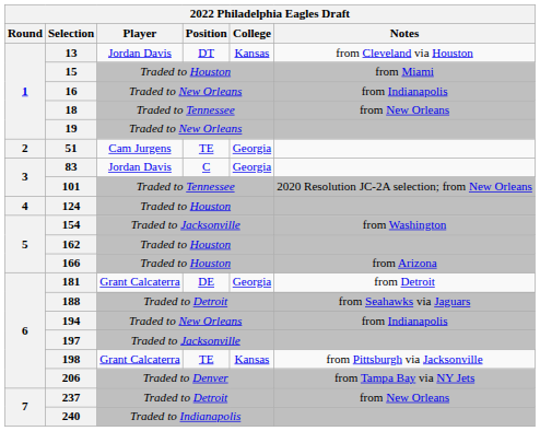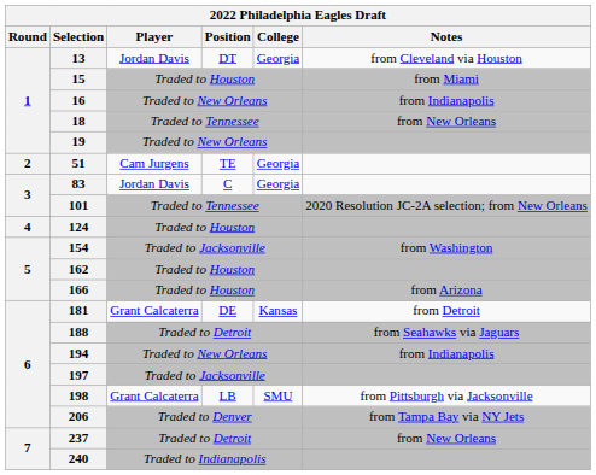 <table class="wikitable" style="text-align:center">
 <tr>
 <th colspan=6>2022 Philadelphia Eagles Draft</th>
 </tr>
 <tr>
 <th>Round</th>
 <th>Selection</th>
 <th>Player</th>
 <th>Position</th>
 <th>College</th>
 <th>Notes</th>
 </tr>
 <tr>
 <th rowspan="5"><a href='#'>1</a></th>
 <th>13</th>
 <td><a href='#'>Jordan Davis</a></td>
 <td><a href='#'>DT</a></td>
-<td><a href='#'>Kansas</a></td>
+<td><a href='#'>Georgia</a></td>
 <td>from <a href='#'>Cleveland</a> via <a href='#'>Houston</a></td>
 </tr>
 <tr>
 <th>15</th>
 <td colspan="3" style="background:#BFBFBF"><em>Traded to <a href='#'>Houston</a></em></td>
 <td style="background:#BFBFBF">from <a href='#'>Miami</a></td>
 </tr>
 <tr>
 <th>16</th>
 <td colspan="3" style="background:#BFBFBF"><em>Traded to <a href='#'>New Orleans</a></em></td>
 <td style="background:#BFBFBF">from <a href='#'>Indianapolis</a></td>
 </tr>
 <tr>
 <th>18</th>
 <td colspan="3" style="background:#BFBFBF"><em>Traded to <a href='#'>Tennessee</a></em></td>
 <td style="background:#BFBFBF">from <a href='#'>New Orleans</a></td>
 </tr>
 <tr>
 <th>19</th>
 <td colspan="3" style="background:#BFBFBF"><em>Traded to <a href='#'>New Orleans</a></em></td>
 <td style="background:#BFBFBF"></td>
 </tr>
 <tr>
 <th>2</th>
 <th>51</th>
 <td><a href='#'>Cam Jurgens</a></td>
 <td><a href='#'>TE</a></td>
 <td><a href='#'>Georgia</a></td>
 <td></td>
 </tr>
 <tr>
 <th rowspan="2">3</th>
 <th>83</th>
 <td><a href='#'>Jordan Davis</a></td>
 <td><a href='#'>C</a></td>
 <td><a href='#'>Georgia</a></td>
 <td></td>
 </tr>
 <tr>
 <th>101</th>
 <td colspan="3" style="background:#BFBFBF"><em>Traded to <a href='#'>Tennessee</a></em></td>
 <td style="background:#BFBFBF">2020 Resolution JC-2A selection; from <a href='#'>New Orleans</a></td>
 </tr>
 <tr>
 <th>4</th>
 <th>124</th>
 <td colspan="3" style="background:#BFBFBF"><em>Traded to <a href='#'>Houston</a></em></td>
 <td style="background:#BFBFBF"></td>
 </tr>
 <tr>
 <th rowspan="3">5</th>
 <th>154</th>
 <td colspan="3" style="background:#BFBFBF"><em>Traded to <a href='#'>Jacksonville</a></em></td>
 <td style="background:#BFBFBF">from <a href='#'>Washington</a></td>
 </tr>
 <tr>
 <th>162</th>
 <td colspan="3" style="background:#BFBFBF"><em>Traded to <a href='#'>Houston</a></em></td>
 <td style="background:#BFBFBF"></td>
 </tr>
 <tr>
 <th>166</th>
 <td colspan="3" style="background:#BFBFBF"><em>Traded to <a href='#'>Houston</a></em></td>
 <td style="background:#BFBFBF">from <a href='#'>Arizona</a></td>
 </tr>
 <tr>
 <th rowspan="6">6</th>
 <th>181</th>
 <td><a href='#'>Grant Calcaterra</a></td>
 <td><a href='#'>DE</a></td>
-<td><a href='#'>Georgia</a></td>
+<td><a href='#'>Kansas</a></td>
 <td>from <a href='#'>Detroit</a></td>
 </tr>
 <tr>
 <th>188</th>
 <td colspan="3" style="background:#BFBFBF"><em>Traded to <a href='#'>Detroit</a></em></td>
 <td style="background:#BFBFBF">from <a href='#'>Seahawks</a> via <a href='#'>Jaguars</a></td>
 </tr>
 <tr>
 <th>194</th>
 <td colspan="3" style="background:#BFBFBF"><em>Traded to <a href='#'>New Orleans</a></em></td>
 <td style="background:#BFBFBF">from <a href='#'>Indianapolis</a></td>
 </tr>
 <tr>
 <th>197</th>
 <td colspan="3" style="background:#BFBFBF"><em>Traded to <a href='#'>Jacksonville</a></em></td>
 <td style="background:#BFBFBF"></td>
 </tr>
 <tr>
 <th>198</th>
 <td><a href='#'>Grant Calcaterra</a></td>
-<td><a href='#'>TE</a></td>
-<td><a href='#'>Kansas</a></td>
+<td><a href='#'>LB</a></td>
+<td><a href='#'>SMU</a></td>
 <td>from <a href='#'>Pittsburgh</a> via <a href='#'>Jacksonville</a></td>
 </tr>
 <tr>
 <th>206</th>
 <td colspan="3" style="background:#BFBFBF"><em>Traded to <a href='#'>Denver</a></em></td>
 <td style="background:#BFBFBF">from <a href='#'>Tampa Bay</a> via <a href='#'>NY Jets</a></td>
 </tr>
 <tr>
 <th rowspan="2">7</th>
 <th>237</th>
 <td colspan="3" style="background:#BFBFBF"><em>Traded to <a href='#'>Detroit</a></em></td>
 <td style="background:#BFBFBF">from <a href='#'>New Orleans</a></td>
 </tr>
 <tr>
 <th>240</th>
 <td colspan="3" style="background:#BFBFBF"><em>Traded to <a href='#'>Indianapolis</a></em></td>
 <td style="background:#BFBFBF"></td>
 </tr>
 </table>
